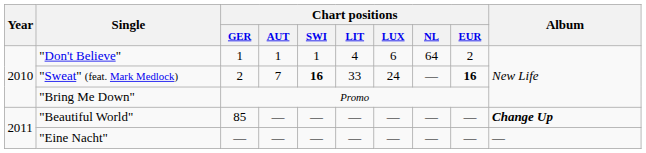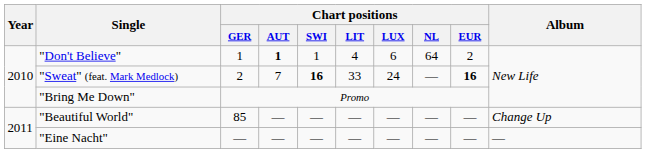 <table class="wikitable">
 <tr>
 <th align="center" rowspan="2">Year</th>
 <th width="220" align="center" rowspan="2">Single</th>
 <th align="center" colspan="7">Chart positions</th>
 <th width="180" align="center" rowspan="2">Album</th>
 </tr>
 <tr>
 <th width="40"><small><a href='#'>GER</a></small><br></th>
 <th width="40"><small><a href='#'>AUT</a><br></small></th>
 <th width="40"><small><a href='#'>SWI</a></small><br></th>
 <th width="40"><small><a href='#'>LIT</a></small></th>
 <th width="40"><small><a href='#'>LUX</a></small></th>
 <th width="40"><small><a href='#'>NL</a></small></th>
 <th width="40"><small><a href='#'>EUR</a></small></th>
 </tr>
 <tr>
 <td align="left" rowspan="3">2010</td>
 <td align="left">"<a href='#'>Don't Believe</a>"</td>
 <td align="center">1</td>
-<td align="center">1</td>
+<td align="center"><strong>1</strong></td>
 <td align="center">1</td>
 <td align="center">4</td>
 <td align="center">6</td>
 <td align="center">64</td>
 <td align="center">2</td>
 <td align="left" rowspan="3"><em>New Life</em></td>
 </tr>
 <tr>
 <td align="left">"<a href='#'>Sweat</a>" <small>(feat. <a href='#'>Mark Medlock</a>)</small></td>
 <td align="center">2</td>
 <td align="center">7</td>
 <td align="center"><strong>16</strong></td>
 <td align="center">33</td>
 <td align="center">24</td>
 <td align="center">—</td>
 <td align="center"><strong>16</strong></td>
 </tr>
 <tr>
 <td align="left">"Bring Me Down"</td>
 <td align="center" colspan="7"><small><em>Promo</em></small></td>
 </tr>
 <tr>
 <td rowspan="2">2011</td>
 <td align="left">"Beautiful World"</td>
 <td align="center">85</td>
 <td align="center">—</td>
 <td align="center">—</td>
 <td align="center">—</td>
 <td align="center">—</td>
 <td align="center">—</td>
 <td align="center">—</td>
-<td><strong><em>Change Up</em></strong></td>
+<td><em>Change Up</em></td>
 </tr>
 <tr>
 <td align="left">"Eine Nacht"</td>
 <td align="center">—</td>
 <td align="center">—</td>
 <td align="center">—</td>
 <td align="center">—</td>
 <td align="center">—</td>
 <td align="center">—</td>
 <td align="center">—</td>
 <td>—</td>
 </tr>
 </table>
